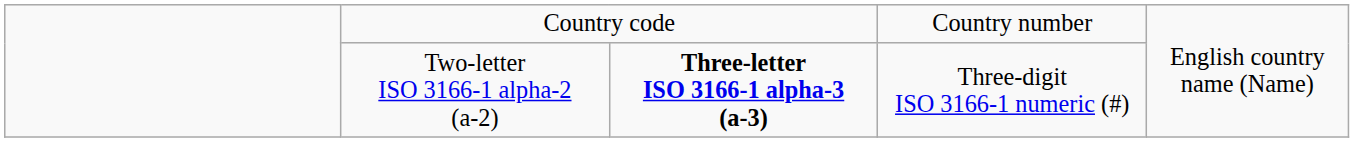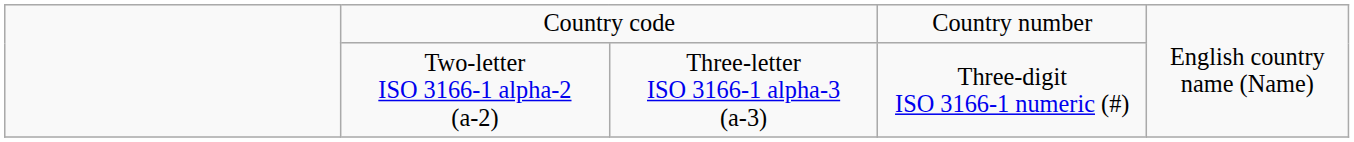 <table class="wikitable"  style="width:70%; text-align:center;">
 <tr>
 <td width=25% rowspan=2></td>
 <td colspan=2>Country code</td>
 <td>Country number</td>
 <td rowspan=2 width=15%>English country name (Name)</td>
 </tr>
 <tr>
 <td width=20%>Two-letter<br><a href='#'>ISO 3166-1 alpha-2</a><br>(a-2)</td>
-<td width=20%><strong>Three-letter<br><a href='#'>ISO 3166-1 alpha-3</a><br>(a-3)</strong></td>
+<td width=20%>Three-letter<br><a href='#'>ISO 3166-1 alpha-3</a><br>(a-3)</td>
 <td width=20%>Three-digit<br><a href='#'>ISO 3166-1 numeric</a> (#)</td>
 </tr>
 </table>
